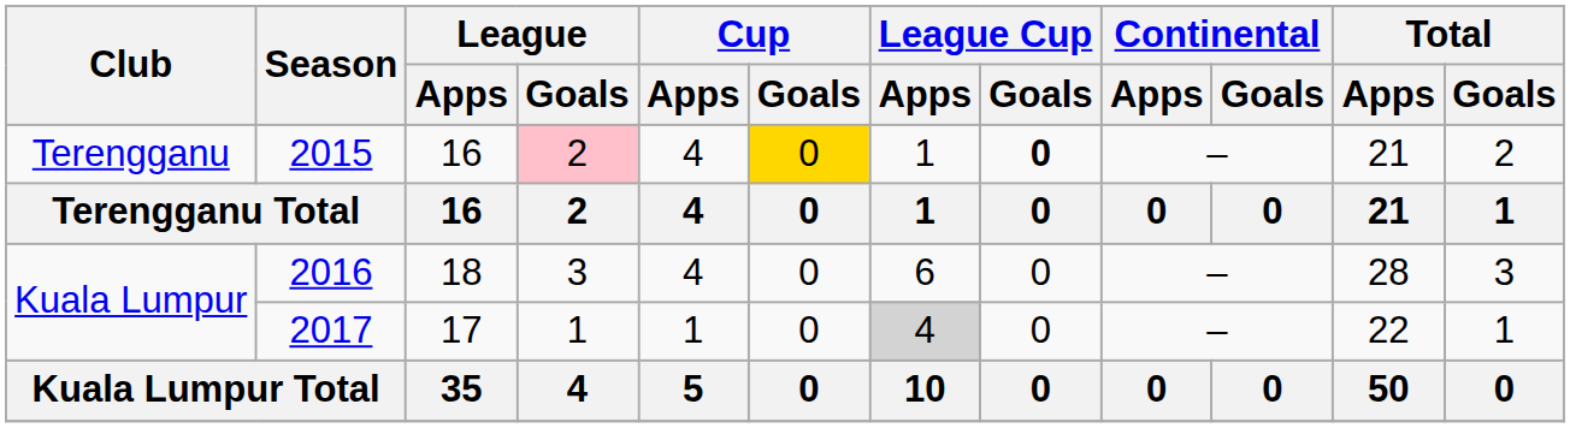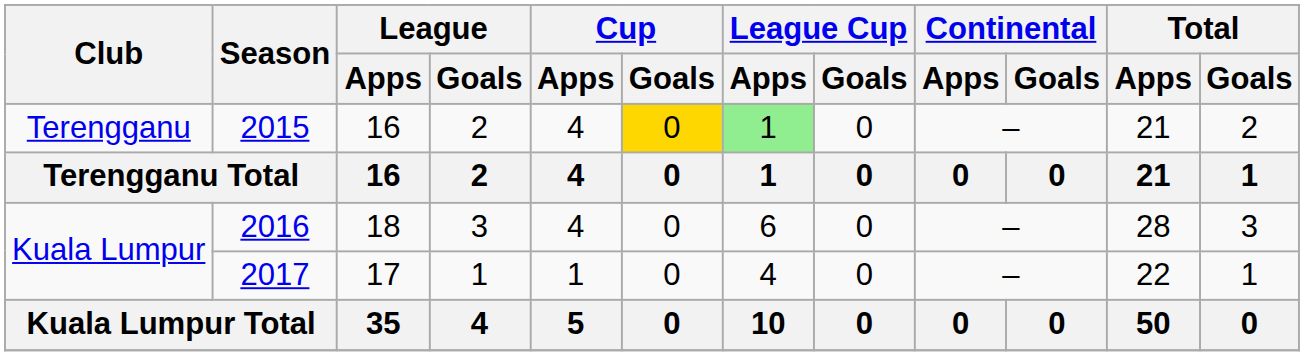 <table class="wikitable" style="text-align:center;">
 <tr>
 <th rowspan="2">Club</th>
 <th rowspan="2">Season</th>
 <th colspan="2">League</th>
 <th colspan="2"><a href='#'>Cup</a></th>
 <th colspan="2"><a href='#'>League Cup</a></th>
 <th colspan="2"><a href='#'>Continental</a></th>
 <th colspan="2">Total</th>
 </tr>
 <tr>
 <th>Apps</th>
 <th>Goals</th>
 <th>Apps</th>
 <th>Goals</th>
 <th>Apps</th>
 <th>Goals</th>
 <th>Apps</th>
 <th>Goals</th>
 <th>Apps</th>
 <th>Goals</th>
 </tr>
 <tr>
 <td rowspan=1><a href='#'>Terengganu</a></td>
 <td><a href='#'>2015</a></td>
 <td>16</td>
-<td style="background: pink;">2</td>
+<td>2</td>
 <td>4</td>
 <td style="background: gold;">0</td>
-<td>1</td>
-<td><strong>0</strong></td>
+<td style="background: lightgreen;">1</td>
+<td>0</td>
 <td colspan="2">–</td>
 <td>21</td>
 <td>2</td>
 </tr>
 <tr>
 <th colspan="2">Terengganu Total</th>
 <th>16</th>
 <th>2</th>
 <th>4</th>
 <th>0</th>
 <th>1</th>
 <th>0</th>
 <th>0</th>
 <th>0</th>
 <th>21</th>
 <th>1</th>
 </tr>
 <tr>
 <td rowspan=2><a href='#'>Kuala Lumpur</a></td>
 <td><a href='#'>2016</a></td>
 <td>18</td>
 <td>3</td>
 <td>4</td>
 <td>0</td>
 <td>6</td>
 <td>0</td>
 <td colspan="2">–</td>
 <td>28</td>
 <td>3</td>
 </tr>
 <tr>
 <td><a href='#'>2017</a></td>
 <td>17</td>
 <td>1</td>
 <td>1</td>
 <td>0</td>
-<td style="background: lightgrey;">4</td>
+<td>4</td>
 <td>0</td>
 <td colspan="2">–</td>
 <td>22</td>
 <td>1</td>
 </tr>
 <tr>
 <th colspan="2">Kuala Lumpur Total</th>
 <th>35</th>
 <th>4</th>
 <th>5</th>
 <th>0</th>
 <th>10</th>
 <th>0</th>
 <th>0</th>
 <th>0</th>
 <th>50</th>
 <th>0</th>
 </tr>
 <tr>
 </tr>
 </table>
